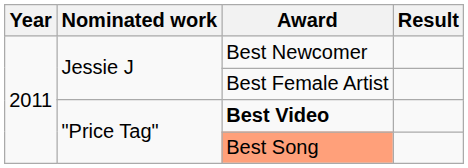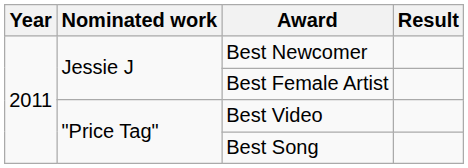 <table class="wikitable">
 <tr>
 <th>Year</th>
 <th>Nominated work</th>
 <th>Award</th>
 <th>Result</th>
 </tr>
 <tr>
 <td rowspan="4">2011</td>
 <td rowspan="2">Jessie J</td>
 <td>Best Newcomer</td>
 <td></td>
 </tr>
 <tr>
 <td>Best Female Artist</td>
 <td></td>
 </tr>
 <tr>
 <td rowspan="2">"Price Tag"</td>
-<td><strong>Best Video</strong></td>
+<td>Best Video</td>
 <td></td>
 </tr>
 <tr>
-<td style="background: lightsalmon;">Best Song</td>
+<td>Best Song</td>
 <td></td>
 </tr>
 </table>
